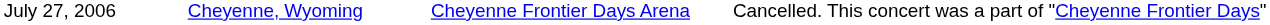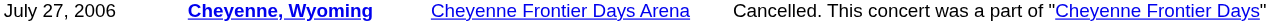 <table cellpadding="2" style="border: 0px solid darkgray">
 <tr>
 <th width="150"></th>
 <th width="200"></th>
 <th width="250"></th>
 <th width="600"></th>
 </tr>
 <tr border="0">
 <td>July 27, 2006</td>
-<td><a href='#'>Cheyenne, Wyoming</a></td>
+<td><strong><a href='#'>Cheyenne, Wyoming</a></strong></td>
 <td><a href='#'>Cheyenne Frontier Days Arena</a></td>
 <td>Cancelled. This concert was a part of "<a href='#'>Cheyenne Frontier Days</a>"</td>
 </tr>
 <tr>
 </tr>
 </table>
